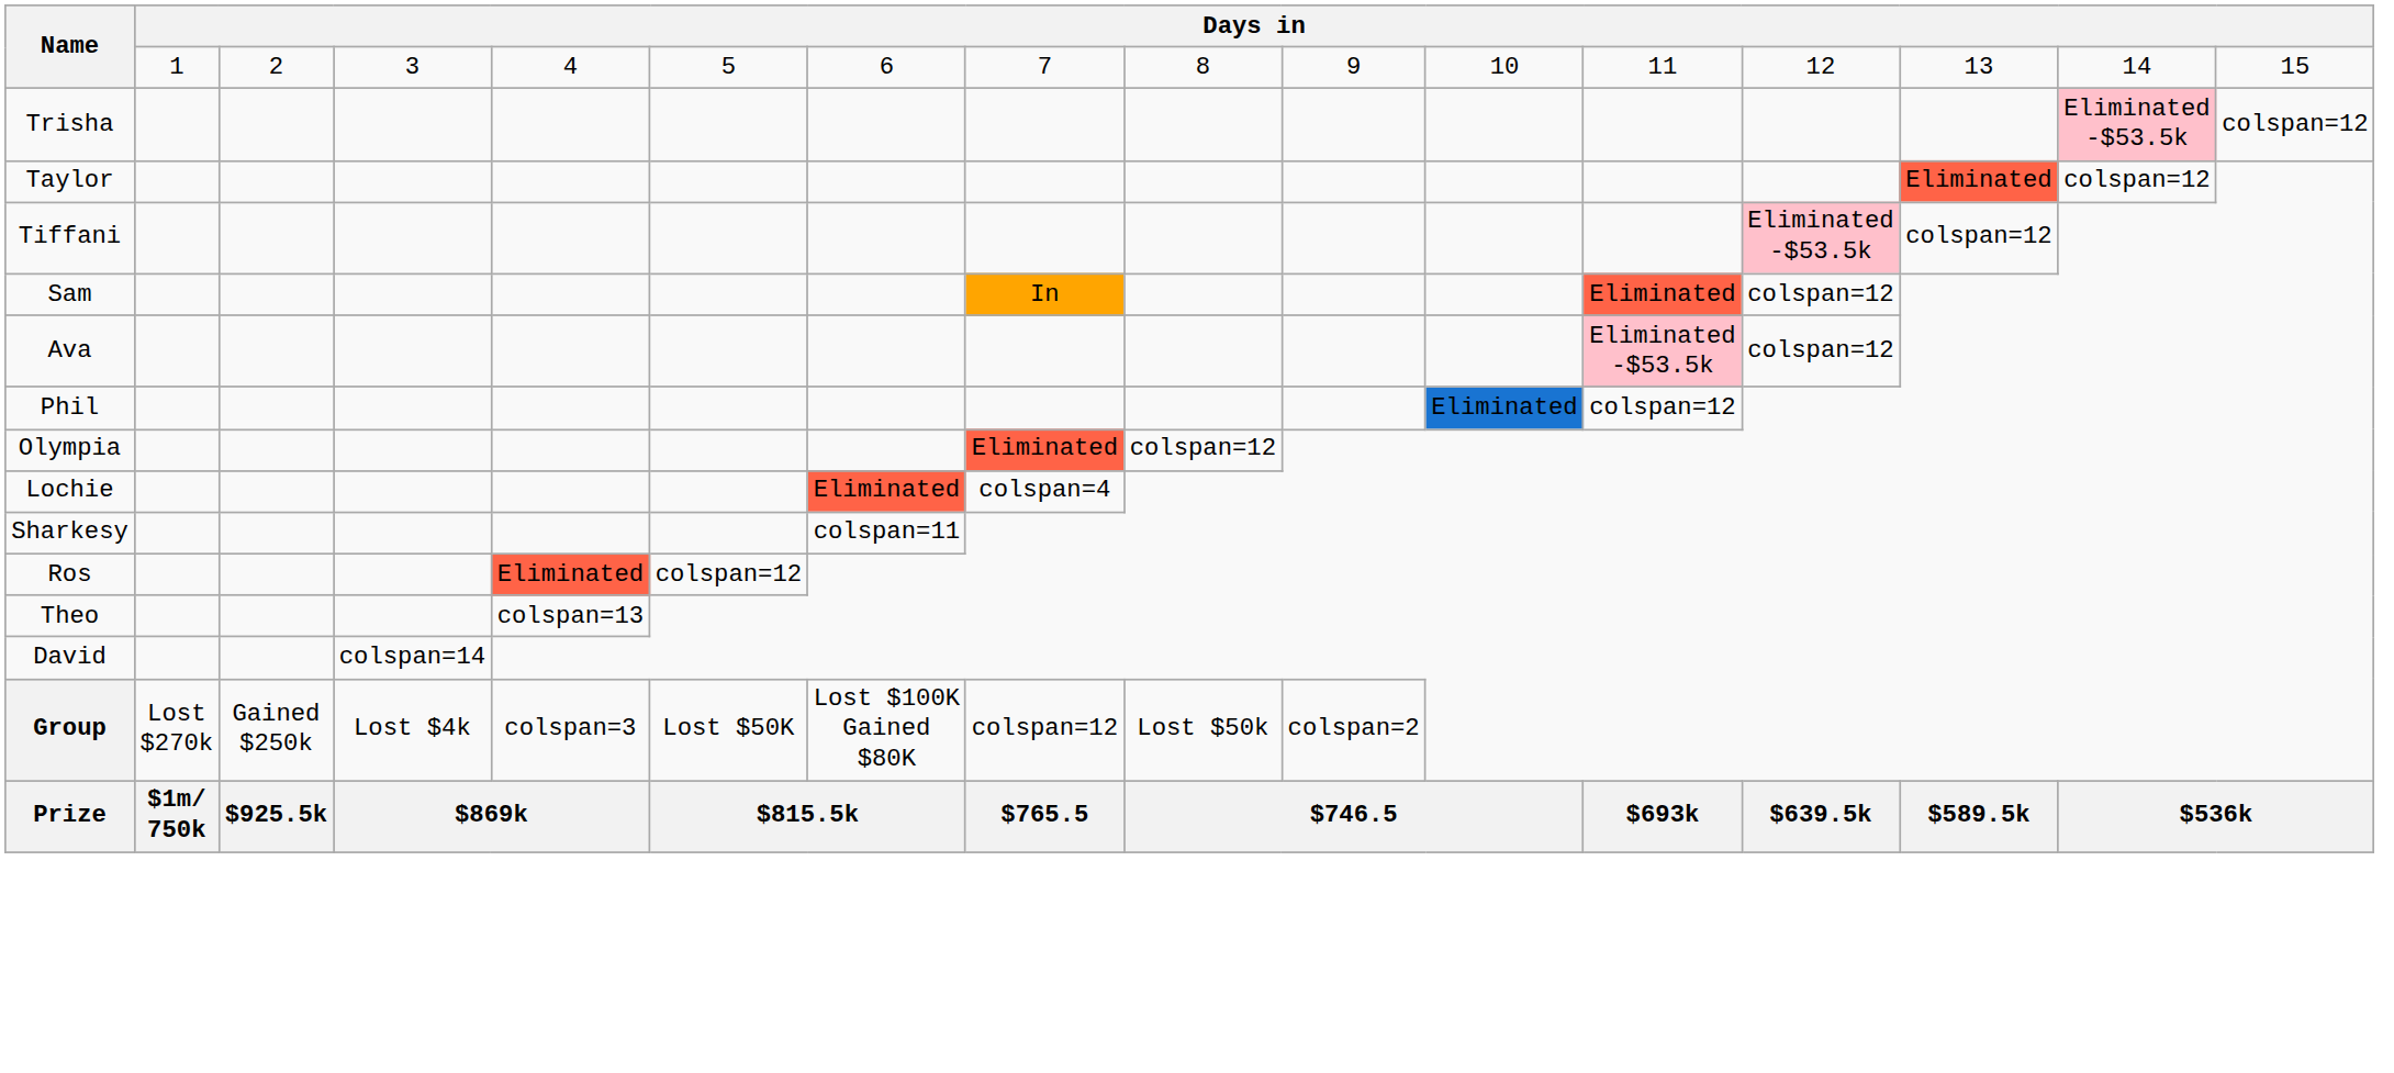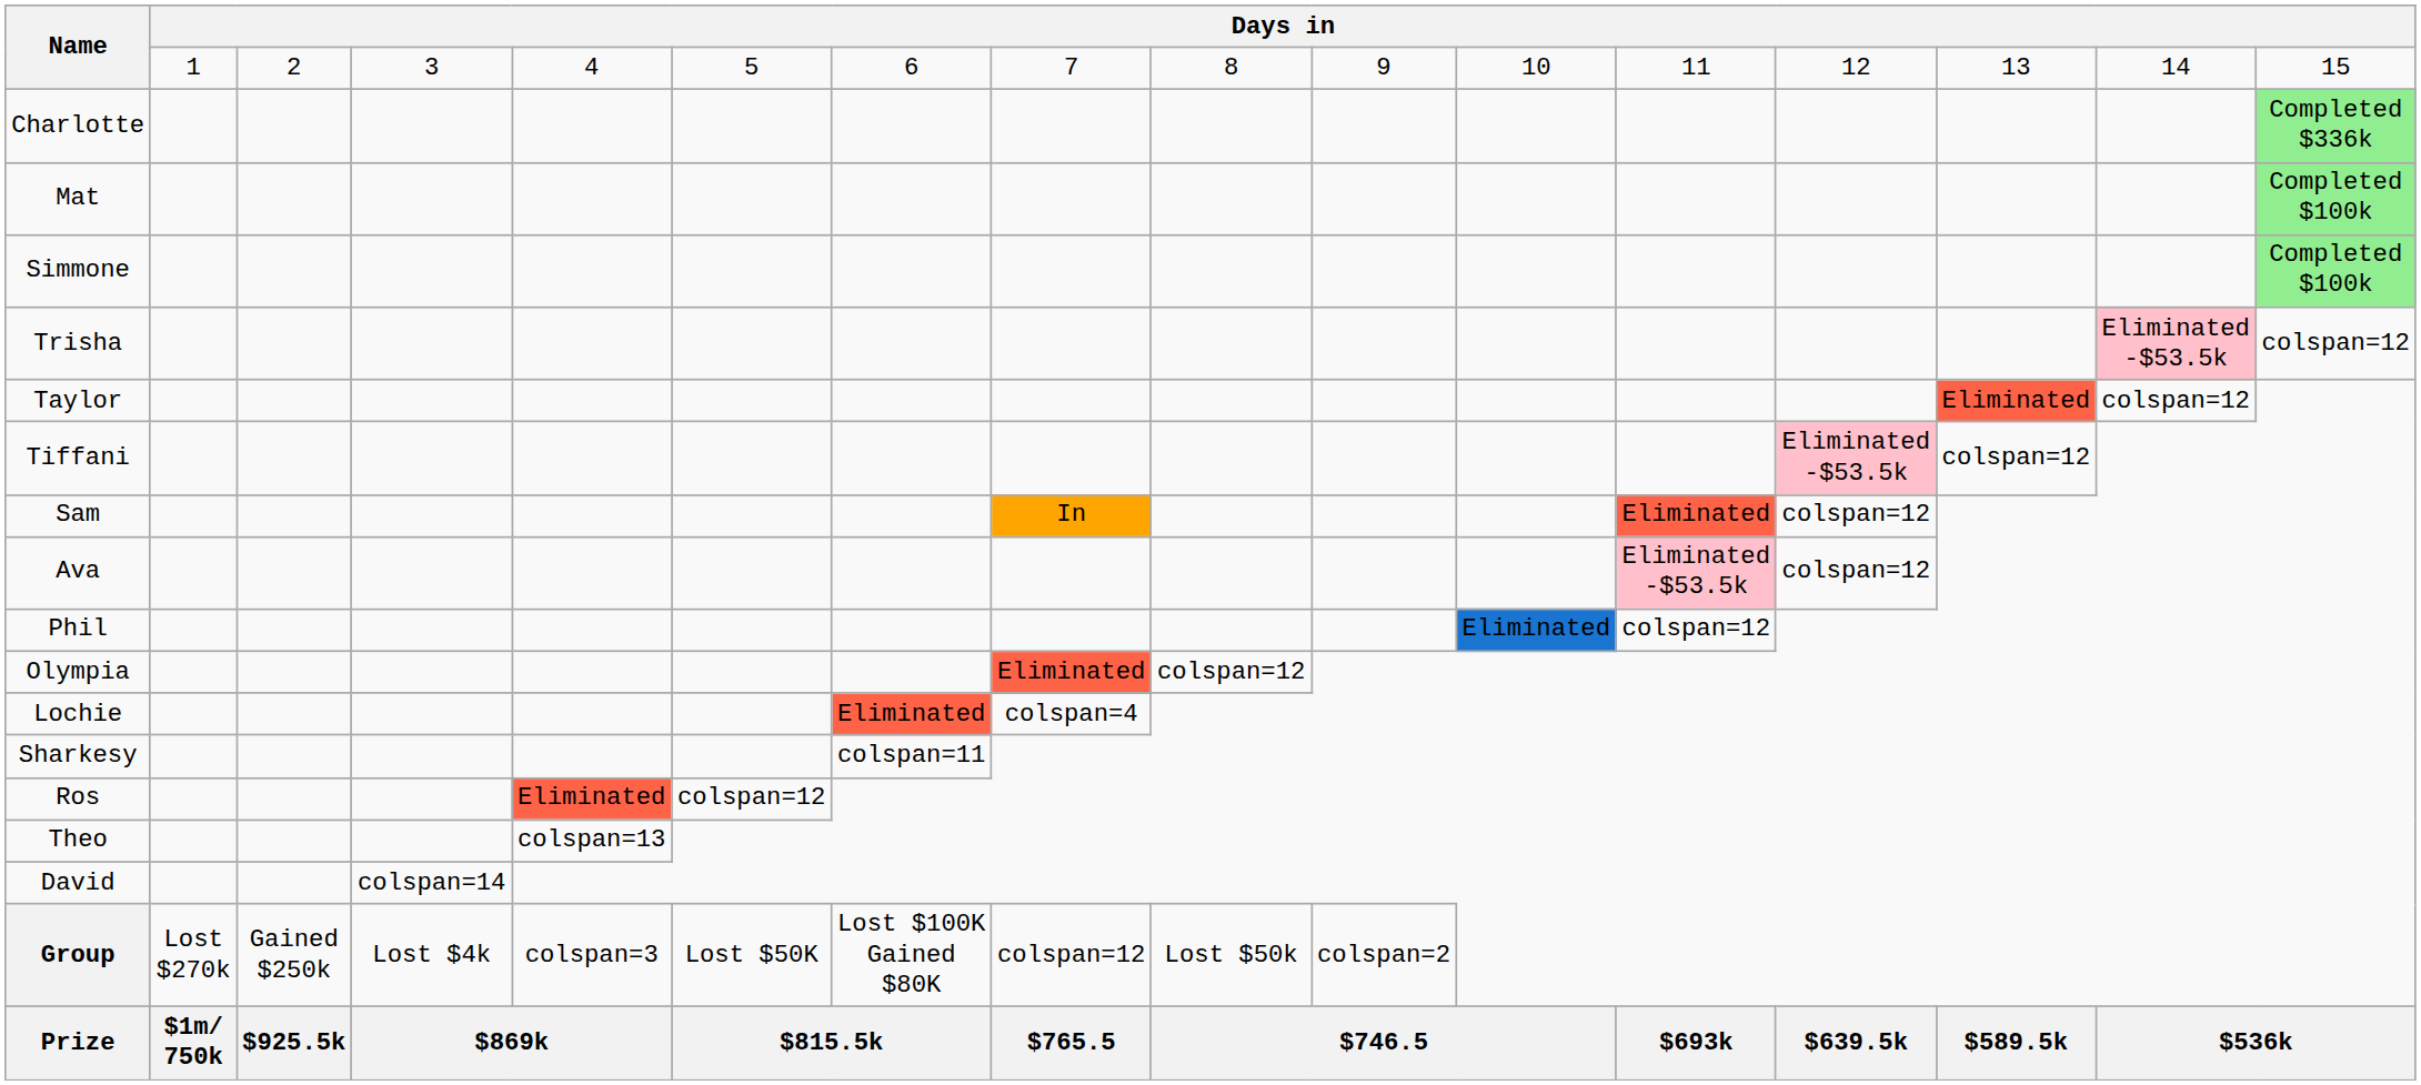 <table class="wikitable plainrowheaders" style="text-align: center; line-height:16px;">
 <tr>
 <th rowspan=2>Name</th>
 <th colspan=15>Days in</th>
 </tr>
 <tr>
 <td>1</td>
 <td>2</td>
 <td>3</td>
 <td>4</td>
 <td>5</td>
 <td>6</td>
 <td>7</td>
 <td>8</td>
 <td>9</td>
 <td>10</td>
 <td>11</td>
 <td>12</td>
 <td>13</td>
 <td>14</td>
 <td>15</td>
+</tr>
+<tr>
+<td>Charlotte</td>
+<td></td>
+<td></td>
+<td></td>
+<td></td>
+<td></td>
+<td></td>
+<td></td>
+<td></td>
+<td></td>
+<td></td>
+<td></td>
+<td></td>
+<td></td>
+<td></td>
+<td style="text-align:center; background:lightgreen">Completed<br>$336k</td>
+</tr>
+<tr>
+<td>Mat</td>
+<td></td>
+<td></td>
+<td></td>
+<td></td>
+<td></td>
+<td></td>
+<td></td>
+<td></td>
+<td></td>
+<td></td>
+<td></td>
+<td></td>
+<td></td>
+<td></td>
+<td style="text-align:center; background:lightgreen">Completed<br>$100k</td>
+</tr>
+<tr>
+<td>Simmone</td>
+<td></td>
+<td></td>
+<td></td>
+<td></td>
+<td></td>
+<td></td>
+<td></td>
+<td></td>
+<td></td>
+<td></td>
+<td></td>
+<td></td>
+<td></td>
+<td></td>
+<td style="text-align:center; background:lightgreen">Completed<br>$100k</td>
 </tr>
 <tr>
 <td>Trisha</td>
 <td></td>
 <td></td>
 <td></td>
 <td></td>
 <td></td>
 <td></td>
 <td></td>
 <td></td>
 <td></td>
 <td></td>
 <td></td>
 <td></td>
 <td></td>
 <td style="text-align:center; background:pink">Eliminated<br>-$53.5k</td>
 <td>colspan=12 </td>
 </tr>
 <tr>
 <td>Taylor</td>
 <td></td>
 <td></td>
 <td></td>
 <td></td>
 <td></td>
 <td></td>
 <td></td>
 <td></td>
 <td></td>
 <td></td>
 <td></td>
 <td></td>
 <td style="text-align:center; background:tomato">Eliminated</td>
 <td>colspan=12 </td>
 </tr>
 <tr>
 <td>Tiffani</td>
 <td></td>
 <td></td>
 <td></td>
 <td></td>
 <td></td>
 <td></td>
 <td></td>
 <td></td>
 <td></td>
 <td></td>
 <td></td>
 <td style="text-align:center; background:pink">Eliminated<br>-$53.5k</td>
 <td>colspan=12 </td>
 </tr>
 <tr>
 <td>Sam</td>
 <td></td>
 <td></td>
 <td></td>
 <td></td>
 <td></td>
 <td></td>
 <td style="text-align:center; background:orange">In</td>
 <td></td>
 <td></td>
 <td></td>
 <td style="text-align:center; background:tomato">Eliminated</td>
 <td>colspan=12 </td>
 </tr>
 <tr>
 <td>Ava</td>
 <td></td>
 <td></td>
 <td></td>
 <td></td>
 <td></td>
 <td></td>
 <td></td>
 <td></td>
 <td></td>
 <td></td>
 <td style="text-align:center; background:pink">Eliminated<br>-$53.5k</td>
 <td>colspan=12 </td>
 </tr>
 <tr>
 <td>Phil</td>
 <td></td>
 <td></td>
 <td></td>
 <td></td>
 <td></td>
 <td></td>
 <td></td>
 <td></td>
 <td></td>
 <td style="text-align:center; background:#1974D2">Eliminated</td>
 <td>colspan=12 </td>
 </tr>
 <tr>
 <td>Olympia</td>
 <td></td>
 <td></td>
 <td></td>
 <td></td>
 <td></td>
 <td></td>
 <td style="text-align:center; background:tomato">Eliminated</td>
 <td>colspan=12 </td>
 </tr>
 <tr>
 <td>Lochie</td>
 <td></td>
 <td></td>
 <td></td>
 <td></td>
 <td></td>
 <td style="text-align:center; background:tomato">Eliminated</td>
 <td>colspan=4 </td>
 </tr>
 <tr>
 <td>Sharkesy</td>
 <td></td>
 <td></td>
 <td></td>
 <td></td>
 <td></td>
 <td>colspan=11 </td>
 </tr>
 <tr>
 <td>Ros</td>
 <td></td>
 <td></td>
 <td></td>
 <td style="text-align:center; background:tomato">Eliminated</td>
 <td>colspan=12 </td>
 </tr>
 <tr>
 <td>Theo</td>
 <td></td>
 <td></td>
 <td></td>
 <td>colspan=13 </td>
 </tr>
 <tr>
 <td>David</td>
 <td></td>
 <td></td>
 <td>colspan=14 </td>
 </tr>
 <tr>
 <th>Group</th>
 <td>Lost $270k</td>
 <td>Gained $250k</td>
 <td>Lost $4k</td>
 <td>colspan=3 </td>
 <td>Lost $50K</td>
 <td>Lost $100K<br>Gained $80K</td>
 <td>colspan=12 </td>
 <td>Lost $50k</td>
 <td>colspan=2 </td>
 </tr>
 <tr>
 <th>Prize</th>
 <th>$1m/<br>750k</th>
 <th>$925.5k</th>
 <th colspan="2">$869k</th>
 <th colspan="2">$815.5k</th>
 <th>$765.5</th>
 <th colspan=3>$746.5</th>
 <th>$693k</th>
 <th>$639.5k</th>
 <th>$589.5k</th>
 <th colspan=2>$536k</th>
 </tr>
 </table>
